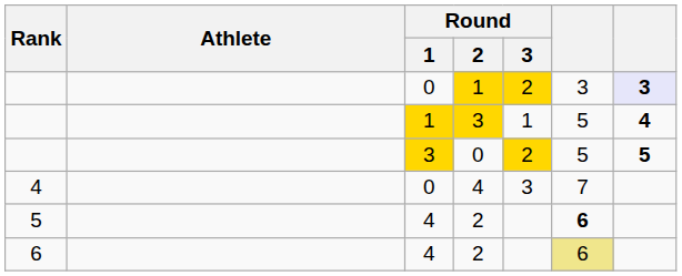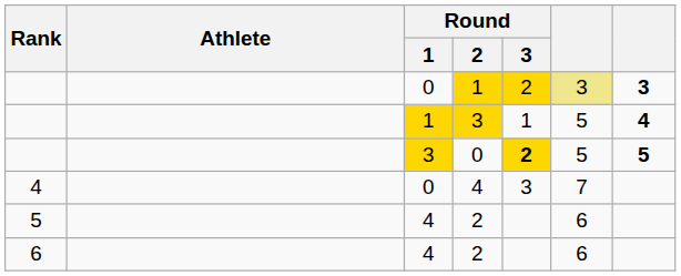 <table class="wikitable" style="text-align: center;">
 <tr>
 <th rowspan="2" width=40>Rank</th>
 <th rowspan="2" width=250>Athlete</th>
 <th colspan="3">Round</th>
 <th rowspan="2" width=40></th>
 <th rowspan="2" width=40></th>
 </tr>
 <tr>
 <th width=30>1</th>
 <th width=30>2</th>
 <th width=30>3</th>
 </tr>
 <tr>
 <td></td>
 <td align="left"></td>
 <td>0</td>
 <td bgcolor=gold>1</td>
 <td bgcolor=gold>2</td>
-<td>3</td>
-<td style="background: lavender;"><strong>3</strong></td>
+<td style="background: khaki;">3</td>
+<td><strong>3</strong></td>
 </tr>
 <tr>
 <td></td>
 <td align="left"></td>
 <td bgcolor=gold>1</td>
 <td bgcolor=gold>3</td>
 <td>1</td>
 <td>5</td>
 <td><strong>4</strong></td>
 </tr>
 <tr>
 <td></td>
 <td align="left"></td>
 <td bgcolor=gold>3</td>
 <td>0</td>
-<td bgcolor=gold>2</td>
+<td bgcolor=gold><strong>2</strong></td>
 <td>5</td>
 <td><strong>5</strong></td>
 </tr>
 <tr>
 <td>4</td>
 <td align="left"></td>
 <td>0</td>
 <td>4</td>
 <td>3</td>
 <td>7</td>
 <td></td>
 </tr>
 <tr>
 <td>5</td>
 <td align="left"></td>
 <td>4</td>
 <td>2</td>
 <td></td>
-<td><strong>6</strong></td>
+<td>6</td>
 <td></td>
 </tr>
 <tr>
 <td>6</td>
 <td align="left"></td>
 <td>4</td>
 <td>2</td>
 <td></td>
-<td style="background: khaki;">6</td>
+<td>6</td>
 <td></td>
 </tr>
 </table>
